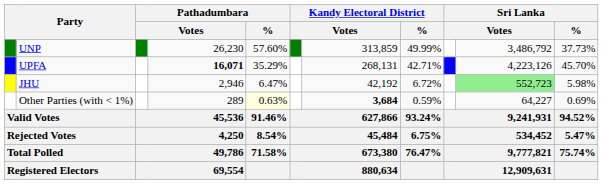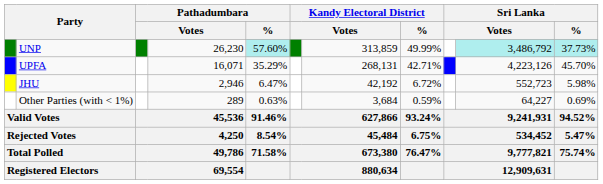 <table class="wikitable">
 <tr>
 <th colspan="2" width="144px"rowspan="2">Party</th>
 <th colspan="3" width="216px">Pathadumbara</th>
 <th colspan="3" width="216px"><a href='#'>Kandy Electoral District</a></th>
 <th colspan="3" width="216px">Sri Lanka</th>
 </tr>
 <tr>
 <th colspan="2" width="144px">Votes</th>
 <th>%</th>
 <th colspan="2" width="144px">Votes</th>
 <th>%</th>
 <th colspan="2" width="144px">Votes</th>
 <th>%</th>
 </tr>
 <tr>
 <td style="background-color:green;" width="10px"></td>
 <td style="text-align:left;"><a href='#'>UNP</a></td>
 <td style="background-color:green;" width="10px"></td>
 <td style="text-align:right;">26,230</td>
-<td style="text-align:right;">57.60%</td>
+<td style="background: paleturquoise; text-align:right;">57.60%</td>
 <td style="background-color:green;" width="10px"></td>
 <td style="text-align:right;">313,859</td>
 <td style="text-align:right;">49.99%</td>
 <td style="background-color:white;" width="10px"></td>
-<td style="text-align:right;">3,486,792</td>
-<td style="text-align:right;">37.73%</td>
+<td style="background: paleturquoise; text-align:right;">3,486,792</td>
+<td style="background: paleturquoise; text-align:right;">37.73%</td>
 </tr>
 <tr>
 <td style="background-color:blue;" width="10px"></td>
 <td style="text-align:left;"><a href='#'>UPFA</a></td>
 <td style="background-color:white;" width="10px"></td>
-<td style="text-align:right;"><strong>16,071</strong></td>
+<td style="text-align:right;">16,071</td>
 <td style="text-align:right;">35.29%</td>
 <td style="background-color:white;" width="10px"></td>
 <td style="text-align:right;">268,131</td>
 <td style="text-align:right;">42.71%</td>
 <td style="background-color:blue;" width="10px"></td>
 <td style="text-align:right;">4,223,126</td>
 <td style="text-align:right;">45.70%</td>
 </tr>
 <tr>
 <td style="background-color:yellow;" width="10px"></td>
 <td style="text-align:left;"><a href='#'>JHU</a></td>
 <td style="background-color:white;" width="10px"></td>
 <td style="text-align:right;">2,946</td>
 <td style="text-align:right;">6.47%</td>
 <td style="background-color:white;" width="10px"></td>
 <td style="text-align:right;">42,192</td>
 <td style="text-align:right;">6.72%</td>
 <td style="background-color:white;" width="10px"></td>
-<td style="background: lightgreen; text-align:right;">552,723</td>
+<td style="text-align:right;">552,723</td>
 <td style="text-align:right;">5.98%</td>
 </tr>
 <tr>
 <td style="background-color:white;" width="10px"></td>
 <td style="text-align:left;">Other Parties (with < 1%)</td>
 <td style="background-color:white;" width="10px"></td>
 <td style="text-align:right;">289</td>
-<td style="background: lightyellow; text-align:right;">0.63%</td>
+<td style="text-align:right;">0.63%</td>
 <td style="background-color:white;" width="10px"></td>
-<td style="text-align:right;"><strong>3,684</strong></td>
+<td style="text-align:right;">3,684</td>
 <td style="text-align:right;">0.59%</td>
 <td style="background-color:white;" width="10px"></td>
 <td style="text-align:right;">64,227</td>
 <td style="text-align:right;">0.69%</td>
 </tr>
 <tr>
 <th colspan="2" width="144px"style="text-align:left;">Valid Votes</th>
 <th style="text-align:right;"colspan="2" width="144px">45,536</th>
 <th style="text-align:right;">91.46%</th>
 <th style="text-align:right;"colspan="2" width="144px">627,866</th>
 <th style="text-align:right;">93.24%</th>
 <th style="text-align:right;"colspan="2" width="144px">9,241,931</th>
 <th style="text-align:right;">94.52%</th>
 </tr>
 <tr>
 <th colspan="2" width="144px"style="text-align:left;">Rejected Votes</th>
 <th style="text-align:right;"colspan="2" width="144px">4,250</th>
 <th style="text-align:right;">8.54%</th>
 <th style="text-align:right;"colspan="2" width="144px">45,484</th>
 <th style="text-align:right;">6.75%</th>
 <th style="text-align:right;"colspan="2" width="144px">534,452</th>
 <th style="text-align:right;">5.47%</th>
 </tr>
 <tr>
 <th colspan="2" width="144px"style="text-align:left;">Total Polled</th>
 <th style="text-align:right;"colspan="2" width="144px">49,786</th>
 <th style="text-align:right;">71.58%</th>
 <th style="text-align:right;"colspan="2" width="144px">673,380</th>
 <th style="text-align:right;">76.47%</th>
 <th style="text-align:right;"colspan="2" width="144px">9,777,821</th>
 <th style="text-align:right;">75.74%</th>
 </tr>
 <tr>
 <th colspan="2" width="144px"style="text-align:left;">Registered Electors</th>
 <th style="text-align:right;"colspan="2" width="144px">69,554</th>
 <th></th>
 <th style="text-align:right;"colspan="2" width="144px">880,634</th>
 <th></th>
 <th style="text-align:right;"colspan="2" width="144px">12,909,631</th>
 <th></th>
 </tr>
 </table>
